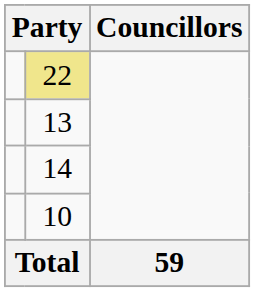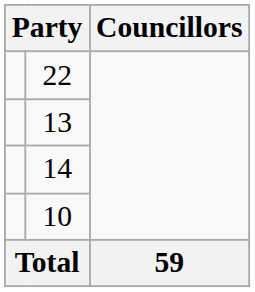 <table class="wikitable">
 <tr>
 <th colspan=2>Party</th>
 <th>Councillors</th>
 </tr>
 <tr>
 <td></td>
-<td align=center style="background: khaki;">22</td>
+<td align=center>22</td>
 </tr>
 <tr>
 <td></td>
 <td align=center>13</td>
 </tr>
 <tr>
 <td></td>
 <td align=center>14</td>
 </tr>
 <tr>
 <td></td>
 <td align=center>10</td>
 </tr>
 <tr>
 <th colspan=2>Total</th>
 <th align=center>59</th>
 </tr>
 </table>
